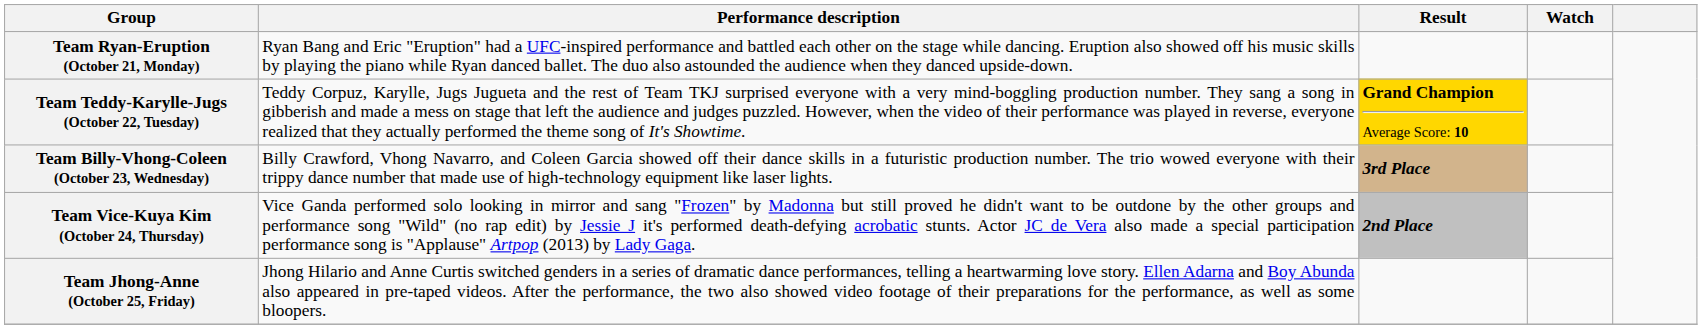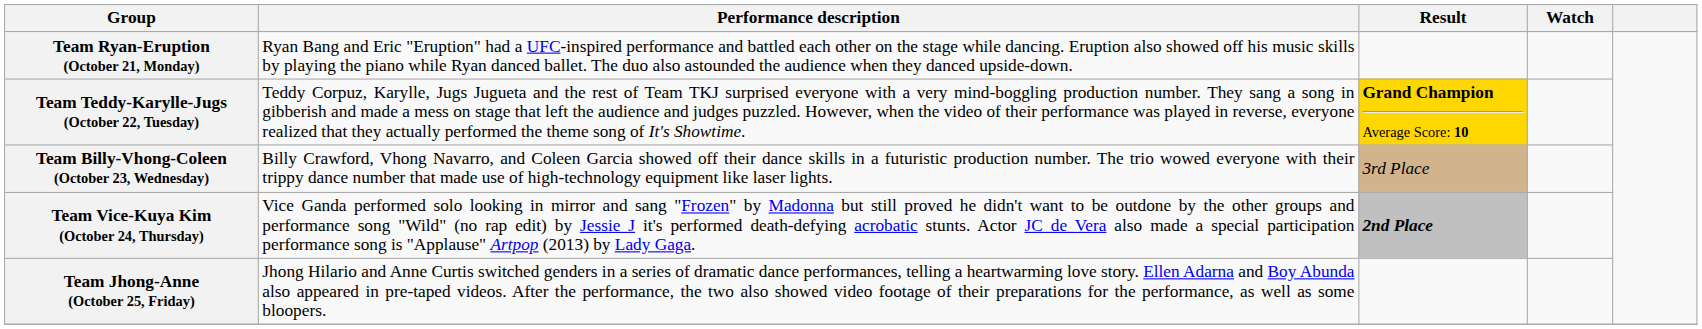 <table class="wikitable style="text-align:center; font-size:90%; line-height:18px; width:100%">
 <tr>
 <th width="15%">Group</th>
 <th width="65%">Performance description</th>
 <th width="10%">Result</th>
 <th width="5%">Watch</th>
 <th width="5%"></th>
 </tr>
 <tr>
 <th>Team Ryan-Eruption<br><small>(October 21, Monday)</small></th>
 <td align="justify">Ryan Bang and Eric "Eruption" had a <a href='#'>UFC</a>-inspired performance and battled each other on the stage while dancing. Eruption also showed off his music skills by playing the piano while Ryan danced ballet. The duo also astounded the audience when they danced upside-down.</td>
 <td></td>
 <td></td>
 <td rowspan="5" style="text-align:center;"></td>
 </tr>
 <tr>
 <th>Team Teddy-Karylle-Jugs<br><small>(October 22, Tuesday)</small></th>
 <td align="justify">Teddy Corpuz, Karylle, Jugs Jugueta and the rest of Team TKJ surprised everyone with a very mind-boggling production number. They sang a song in gibberish and made a mess on stage that left the audience and judges puzzled. However, when the video of their performance was played in reverse, everyone realized that they actually performed the theme song of <em>It's Showtime</em>.</td>
 <td style="background:gold"><strong>Grand Champion</strong><hr><small>Average Score: <strong>10</strong></small></td>
 <td></td>
 </tr>
 <tr>
 <th>Team Billy-Vhong-Coleen<br><small>(October 23, Wednesday)</small></th>
 <td align="justify">Billy Crawford, Vhong Navarro, and Coleen Garcia showed off their dance skills in a futuristic production number. The trio wowed everyone with their trippy dance number that made use of high-technology equipment like laser lights.</td>
-<td style="background:tan"><strong><em>3rd Place</em></strong></td>
+<td style="background:tan"><em>3rd Place</em></td>
 <td></td>
 </tr>
 <tr>
 <th>Team Vice-Kuya Kim<br><small>(October 24, Thursday)</small></th>
 <td align="justify">Vice Ganda performed solo looking in mirror and sang "<a href='#'>Frozen</a>" by <a href='#'>Madonna</a> but still proved he didn't want to be outdone by the other groups and performance song "Wild" (no rap edit) by <a href='#'>Jessie J</a> it's performed death-defying <a href='#'>acrobatic</a> stunts. Actor <a href='#'>JC de Vera</a> also made a special participation performance song is "Applause" <em><a href='#'>Artpop</a></em> (2013) by <a href='#'>Lady Gaga</a>.</td>
 <td style="background:silver"><strong><em>2nd Place</em></strong></td>
 <td></td>
 </tr>
 <tr>
 <th>Team Jhong-Anne<br><small>(October 25, Friday)</small></th>
 <td align="justify">Jhong Hilario and Anne Curtis switched genders in a series of dramatic dance performances, telling a heartwarming love story. <a href='#'>Ellen Adarna</a> and <a href='#'>Boy Abunda</a> also appeared in pre-taped videos. After the performance, the two also showed video footage of their preparations for the performance, as well as some bloopers.</td>
 <td></td>
 <td></td>
 </tr>
 <tr>
 </tr>
 </table>
